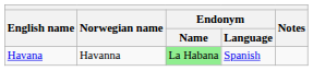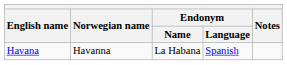 <table class="wikitable sortable">
 <tr>
 <th colspan="5"></th>
 </tr>
 <tr>
 <th rowspan="2">English name</th>
 <th rowspan="2">Norwegian name</th>
 <th colspan="2">Endonym</th>
 <th rowspan="2">Notes</th>
 </tr>
 <tr>
 <th>Name</th>
 <th>Language</th>
 </tr>
 <tr>
 <td><a href='#'>Havana</a></td>
 <td>Havanna</td>
-<td style="background: lightgreen;">La Habana</td>
+<td>La Habana</td>
 <td><a href='#'>Spanish</a></td>
 <td></td>
 </tr>
 </table>
